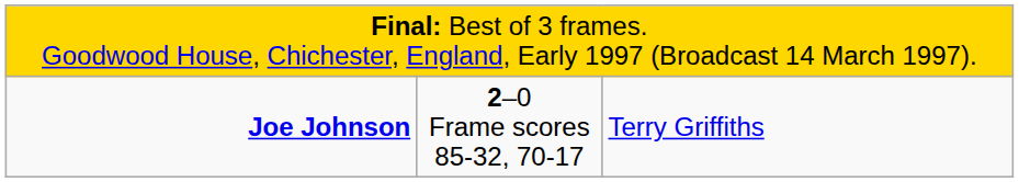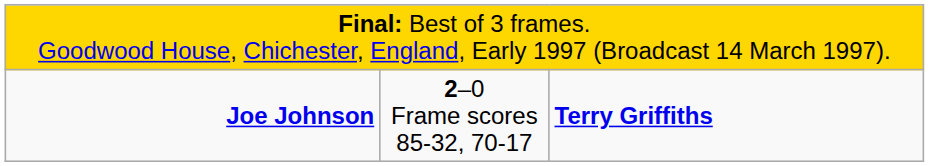 <table class="wikitable" style="font-size: 95%; margin: 1em auto 1em auto;">
 <tr>
 <td colspan="3" align="center" bgcolor="#ffd700"><strong>Final:</strong> Best of 3 frames.<br><a href='#'>Goodwood House</a>, <a href='#'>Chichester</a>, <a href='#'>England</a>, Early 1997 (Broadcast 14 March 1997).</td>
 </tr>
 <tr>
 <td width="230" align="right"><strong><a href='#'>Joe Johnson</a></strong> <br></td>
 <td width="100" align="center"><strong>2</strong>–0<br>Frame scores<br>85-32, 70-17</td>
-<td width="230"><a href='#'>Terry Griffiths</a> <br></td>
+<td width="230"><strong><a href='#'>Terry Griffiths</a> <br></strong></td>
 </tr>
 </table>
